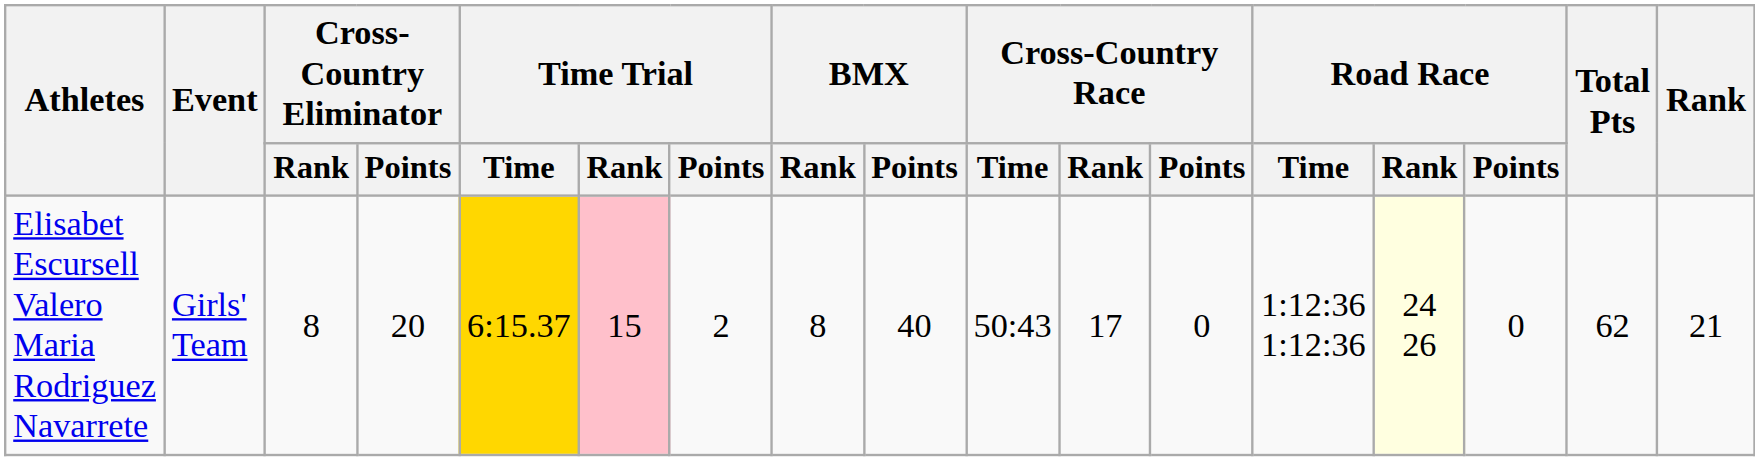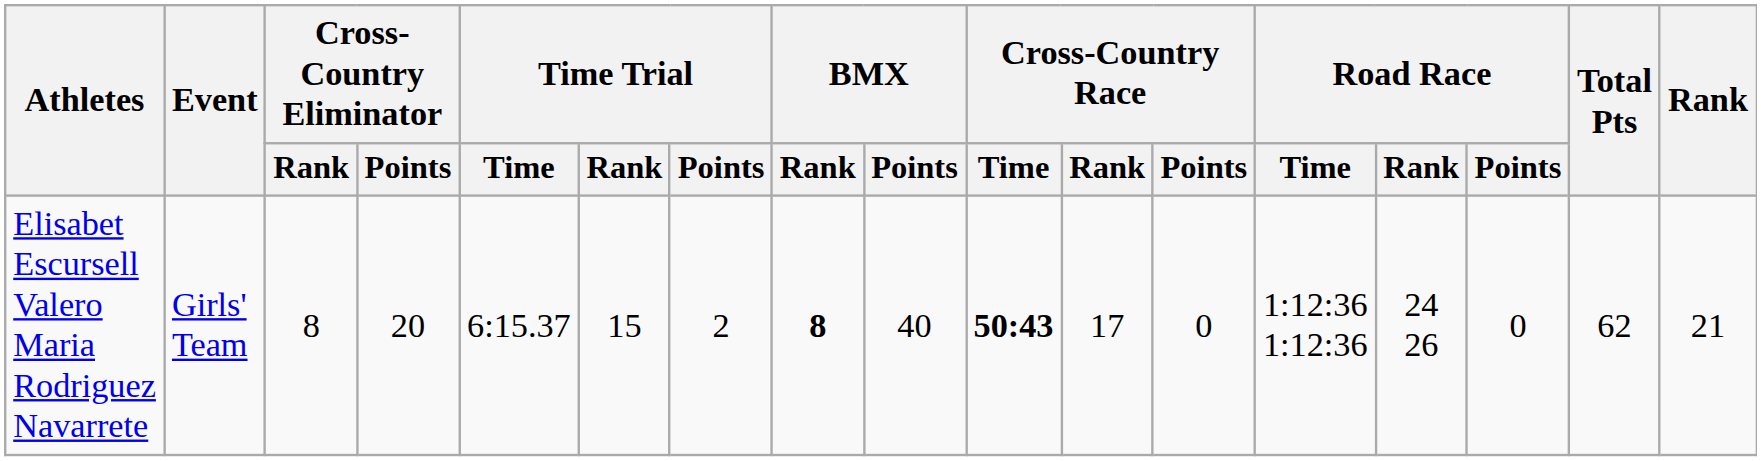 <table class="wikitable" style="font-size:90%;">
 <tr>
 <th rowspan=2>Athletes</th>
 <th rowspan=2>Event</th>
 <th colspan=2>Cross-Country<br>Eliminator</th>
 <th colspan=3>Time Trial</th>
 <th colspan=2>BMX</th>
 <th colspan=3>Cross-Country Race</th>
 <th colspan=3>Road Race</th>
 <th rowspan=2>Total Pts</th>
 <th rowspan=2>Rank</th>
 </tr>
 <tr style="font-size:95%">
 <th>Rank</th>
 <th>Points</th>
 <th>Time</th>
 <th>Rank</th>
 <th>Points</th>
 <th>Rank</th>
 <th>Points</th>
 <th>Time</th>
 <th>Rank</th>
 <th>Points</th>
 <th>Time</th>
 <th>Rank</th>
 <th>Points</th>
 </tr>
 <tr align=center>
 <td align=left><a href='#'>Elisabet Escursell Valero</a><br><a href='#'>Maria Rodriguez Navarrete</a></td>
 <td align=left><a href='#'>Girls' Team</a></td>
 <td>8</td>
 <td>20</td>
-<td style="background: gold;">6:15.37</td>
-<td style="background: pink;">15</td>
+<td>6:15.37</td>
+<td>15</td>
 <td>2</td>
-<td>8</td>
+<td><strong>8</strong></td>
 <td>40</td>
-<td>50:43</td>
+<td><strong>50:43</strong></td>
 <td>17</td>
 <td>0</td>
 <td>1:12:36<br>1:12:36</td>
-<td style="background: lightyellow;">24<br>26</td>
+<td>24<br>26</td>
 <td>0</td>
 <td>62</td>
 <td>21</td>
 </tr>
 </table>
